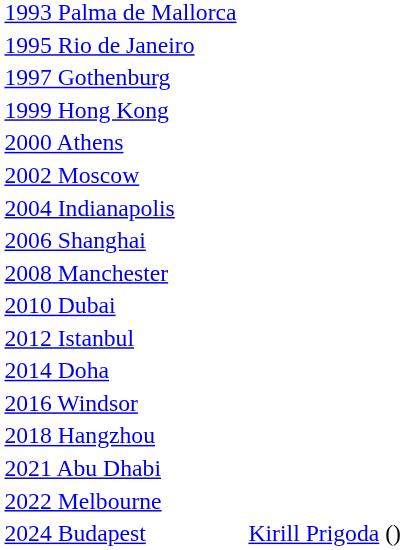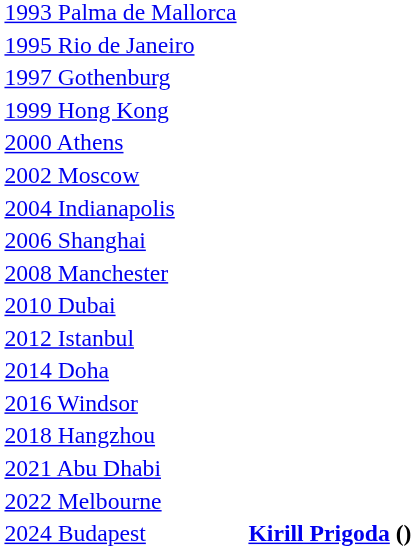 <table>
 <tr>
 <td><a href='#'>1993 Palma de Mallorca</a></td>
 <td></td>
 <td></td>
 <td></td>
 </tr>
 <tr>
 <td><a href='#'>1995 Rio de Janeiro</a></td>
 <td></td>
 <td></td>
 <td></td>
 </tr>
 <tr>
 <td><a href='#'>1997 Gothenburg</a></td>
 <td></td>
 <td></td>
 <td></td>
 </tr>
 <tr>
 <td><a href='#'>1999 Hong Kong</a></td>
 <td></td>
 <td></td>
 <td></td>
 </tr>
 <tr>
 <td><a href='#'>2000 Athens</a></td>
 <td></td>
 <td></td>
 <td></td>
 </tr>
 <tr>
 <td><a href='#'>2002 Moscow</a></td>
 <td></td>
 <td></td>
 <td></td>
 </tr>
 <tr>
 <td><a href='#'>2004 Indianapolis</a></td>
 <td></td>
 <td></td>
 <td></td>
 </tr>
 <tr>
 <td><a href='#'>2006 Shanghai</a></td>
 <td></td>
 <td></td>
 <td></td>
 </tr>
 <tr>
 <td><a href='#'>2008 Manchester</a></td>
 <td></td>
 <td></td>
 <td></td>
 </tr>
 <tr>
 <td><a href='#'>2010 Dubai</a></td>
 <td></td>
 <td></td>
 <td></td>
 </tr>
 <tr>
 <td><a href='#'>2012 Istanbul</a></td>
 <td></td>
 <td></td>
 <td></td>
 </tr>
 <tr>
 <td><a href='#'>2014 Doha</a></td>
 <td></td>
 <td></td>
 <td></td>
 </tr>
 <tr>
 <td><a href='#'>2016 Windsor</a></td>
 <td></td>
 <td></td>
 <td></td>
 </tr>
 <tr>
 <td><a href='#'>2018 Hangzhou</a></td>
 <td></td>
 <td></td>
 <td></td>
 </tr>
 <tr>
 <td><a href='#'>2021 Abu Dhabi</a></td>
 <td></td>
 <td></td>
 <td></td>
 </tr>
 <tr>
 <td><a href='#'>2022 Melbourne</a></td>
 <td></td>
 <td></td>
 <td></td>
 </tr>
 <tr>
 <td><a href='#'>2024 Budapest</a></td>
 <td></td>
-<td> <a href='#'>Kirill Prigoda</a> ()</td>
+<td><strong> <a href='#'>Kirill Prigoda</a> ()</strong></td>
 <td></td>
 </tr>
 </table>
